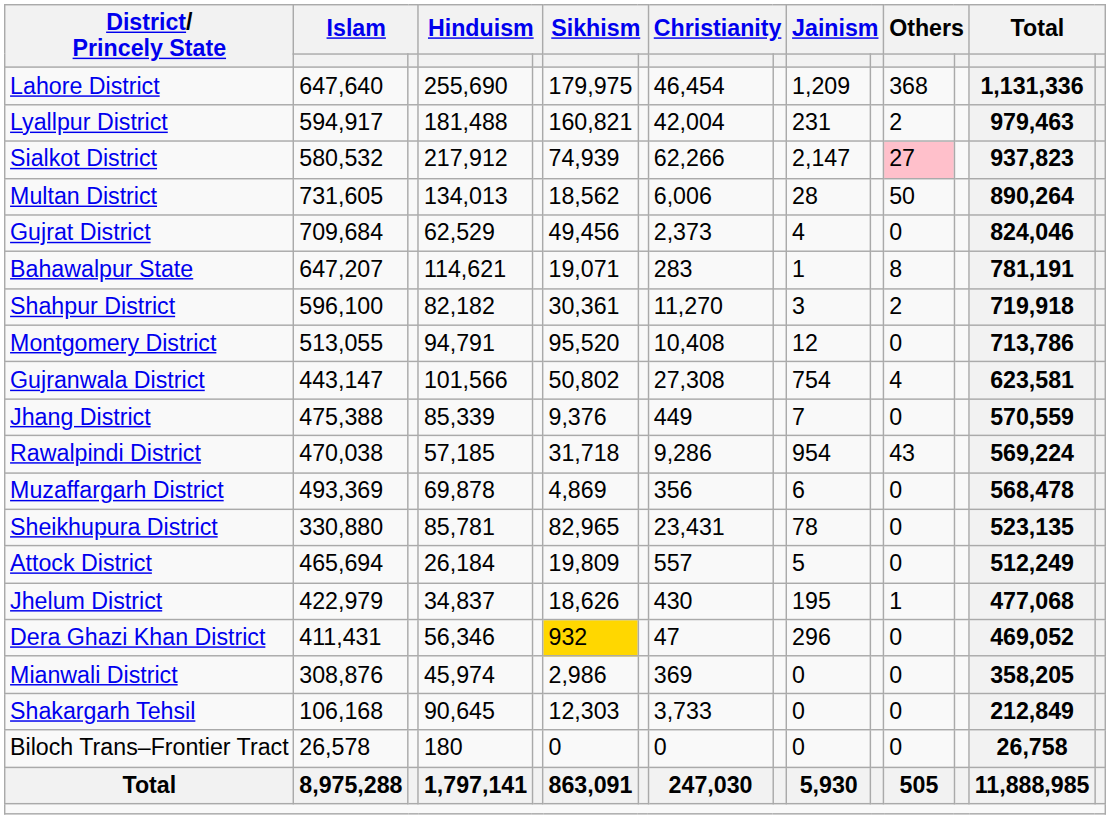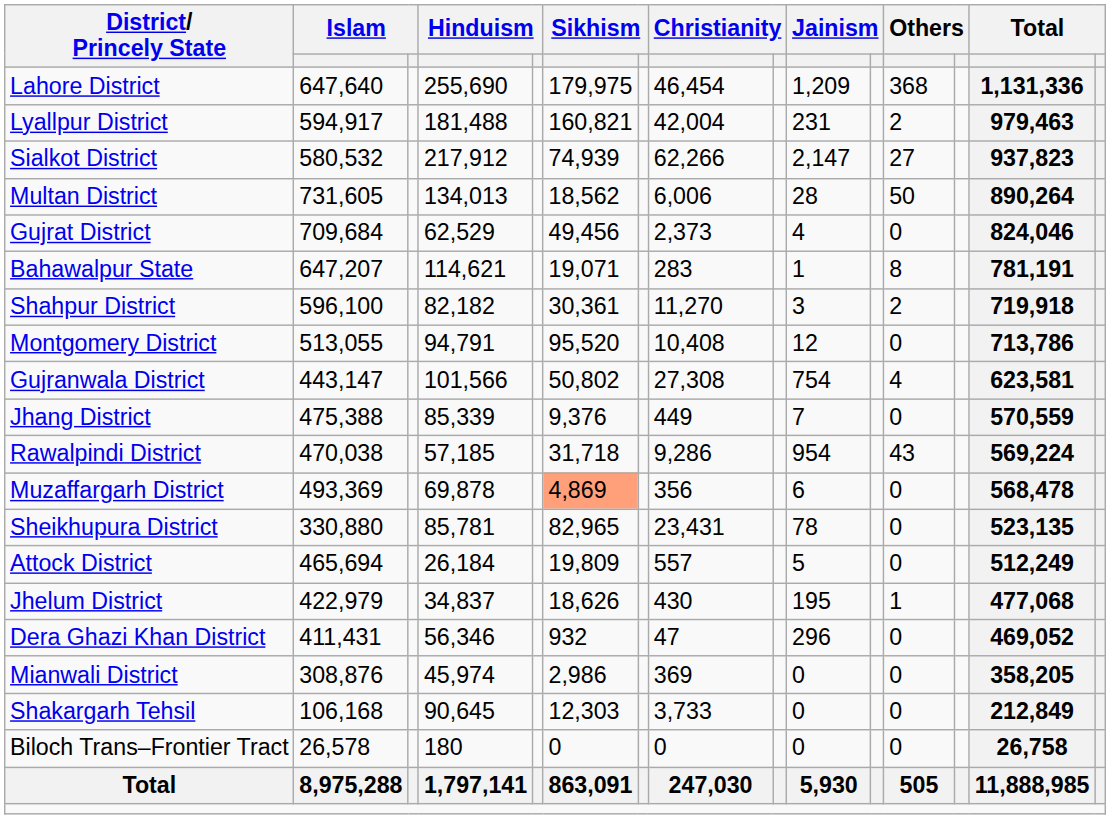 <table class="wikitable sortable">
 <tr>
 <th rowspan="2"><a href='#'>District</a>/<br><a href='#'>Princely State</a></th>
 <th colspan="2"><a href='#'>Islam</a> </th>
 <th colspan="2"><a href='#'>Hinduism</a> </th>
 <th colspan="2"><a href='#'>Sikhism</a> </th>
 <th colspan="2"><a href='#'>Christianity</a> </th>
 <th colspan="2"><a href='#'>Jainism</a> </th>
 <th colspan="2">Others</th>
 <th colspan="2">Total</th>
 </tr>
 <tr>
 <th><a href='#'></a></th>
 <th></th>
 <th></th>
 <th></th>
 <th></th>
 <th></th>
 <th></th>
 <th></th>
 <th></th>
 <th></th>
 <th></th>
 <th></th>
 <th></th>
 <th></th>
 </tr>
 <tr>
 <td><a href='#'>Lahore District</a></td>
 <td>647,640</td>
 <td></td>
 <td>255,690</td>
 <td></td>
 <td>179,975</td>
 <td></td>
 <td>46,454</td>
 <td></td>
 <td>1,209</td>
 <td></td>
 <td>368</td>
 <td></td>
 <th>1,131,336</th>
 <th></th>
 </tr>
 <tr>
 <td><a href='#'>Lyallpur District</a></td>
 <td>594,917</td>
 <td></td>
 <td>181,488</td>
 <td></td>
 <td>160,821</td>
 <td></td>
 <td>42,004</td>
 <td></td>
 <td>231</td>
 <td></td>
 <td>2</td>
 <td></td>
 <th>979,463</th>
 <th></th>
 </tr>
 <tr>
 <td><a href='#'>Sialkot District</a></td>
 <td>580,532</td>
 <td></td>
 <td>217,912</td>
 <td></td>
 <td>74,939</td>
 <td></td>
 <td>62,266</td>
 <td></td>
 <td>2,147</td>
 <td></td>
-<td style="background: pink;">27</td>
+<td>27</td>
 <td></td>
 <th>937,823</th>
 <th></th>
 </tr>
 <tr>
 <td><a href='#'>Multan District</a></td>
 <td>731,605</td>
 <td></td>
 <td>134,013</td>
 <td></td>
 <td>18,562</td>
 <td></td>
 <td>6,006</td>
 <td></td>
 <td>28</td>
 <td></td>
 <td>50</td>
 <td></td>
 <th>890,264</th>
 <th></th>
 </tr>
 <tr>
 <td><a href='#'>Gujrat District</a></td>
 <td>709,684</td>
 <td></td>
 <td>62,529</td>
 <td></td>
 <td>49,456</td>
 <td></td>
 <td>2,373</td>
 <td></td>
 <td>4</td>
 <td></td>
 <td>0</td>
 <td></td>
 <th>824,046</th>
 <th></th>
 </tr>
 <tr>
 <td><a href='#'>Bahawalpur State</a></td>
 <td>647,207</td>
 <td></td>
 <td>114,621</td>
 <td></td>
 <td>19,071</td>
 <td></td>
 <td>283</td>
 <td></td>
 <td>1</td>
 <td></td>
 <td>8</td>
 <td></td>
 <th>781,191</th>
 <th></th>
 </tr>
 <tr>
 <td><a href='#'>Shahpur District</a></td>
 <td>596,100</td>
 <td></td>
 <td>82,182</td>
 <td></td>
 <td>30,361</td>
 <td></td>
 <td>11,270</td>
 <td></td>
 <td>3</td>
 <td></td>
 <td>2</td>
 <td></td>
 <th>719,918</th>
 <th></th>
 </tr>
 <tr>
 <td><a href='#'>Montgomery District</a></td>
 <td>513,055</td>
 <td></td>
 <td>94,791</td>
 <td></td>
 <td>95,520</td>
 <td></td>
 <td>10,408</td>
 <td></td>
 <td>12</td>
 <td></td>
 <td>0</td>
 <td></td>
 <th>713,786</th>
 <th></th>
 </tr>
 <tr>
 <td><a href='#'>Gujranwala District</a></td>
 <td>443,147</td>
 <td></td>
 <td>101,566</td>
 <td></td>
 <td>50,802</td>
 <td></td>
 <td>27,308</td>
 <td></td>
 <td>754</td>
 <td></td>
 <td>4</td>
 <td></td>
 <th>623,581</th>
 <th></th>
 </tr>
 <tr>
 <td><a href='#'>Jhang District</a></td>
 <td>475,388</td>
 <td></td>
 <td>85,339</td>
 <td></td>
 <td>9,376</td>
 <td></td>
 <td>449</td>
 <td></td>
 <td>7</td>
 <td></td>
 <td>0</td>
 <td></td>
 <th>570,559</th>
 <th></th>
 </tr>
 <tr>
 <td><a href='#'>Rawalpindi District</a></td>
 <td>470,038</td>
 <td></td>
 <td>57,185</td>
 <td></td>
 <td>31,718</td>
 <td></td>
 <td>9,286</td>
 <td></td>
 <td>954</td>
 <td></td>
 <td>43</td>
 <td></td>
 <th>569,224</th>
 <th></th>
 </tr>
 <tr>
 <td><a href='#'>Muzaffargarh District</a></td>
 <td>493,369</td>
 <td></td>
 <td>69,878</td>
 <td></td>
-<td>4,869</td>
+<td style="background: lightsalmon;">4,869</td>
 <td></td>
 <td>356</td>
 <td></td>
 <td>6</td>
 <td></td>
 <td>0</td>
 <td></td>
 <th>568,478</th>
 <th></th>
 </tr>
 <tr>
 <td><a href='#'>Sheikhupura District</a></td>
 <td>330,880</td>
 <td></td>
 <td>85,781</td>
 <td></td>
 <td>82,965</td>
 <td></td>
 <td>23,431</td>
 <td></td>
 <td>78</td>
 <td></td>
 <td>0</td>
 <td></td>
 <th>523,135</th>
 <th></th>
 </tr>
 <tr>
 <td><a href='#'>Attock District</a></td>
 <td>465,694</td>
 <td></td>
 <td>26,184</td>
 <td></td>
 <td>19,809</td>
 <td></td>
 <td>557</td>
 <td></td>
 <td>5</td>
 <td></td>
 <td>0</td>
 <td></td>
 <th>512,249</th>
 <th></th>
 </tr>
 <tr>
 <td><a href='#'>Jhelum District</a></td>
 <td>422,979</td>
 <td></td>
 <td>34,837</td>
 <td></td>
 <td>18,626</td>
 <td></td>
 <td>430</td>
 <td></td>
 <td>195</td>
 <td></td>
 <td>1</td>
 <td></td>
 <th>477,068</th>
 <th></th>
 </tr>
 <tr>
 <td><a href='#'>Dera Ghazi Khan District</a></td>
 <td>411,431</td>
 <td></td>
 <td>56,346</td>
 <td></td>
-<td style="background: gold;">932</td>
+<td>932</td>
 <td></td>
 <td>47</td>
 <td></td>
 <td>296</td>
 <td></td>
 <td>0</td>
 <td></td>
 <th>469,052</th>
 <th></th>
 </tr>
 <tr>
 <td><a href='#'>Mianwali District</a></td>
 <td>308,876</td>
 <td></td>
 <td>45,974</td>
 <td></td>
 <td>2,986</td>
 <td></td>
 <td>369</td>
 <td></td>
 <td>0</td>
 <td></td>
 <td>0</td>
 <td></td>
 <th>358,205</th>
 <th></th>
 </tr>
 <tr>
 <td><a href='#'>Shakargarh Tehsil</a></td>
 <td>106,168</td>
 <td></td>
 <td>90,645</td>
 <td></td>
 <td>12,303</td>
 <td></td>
 <td>3,733</td>
 <td></td>
 <td>0</td>
 <td></td>
 <td>0</td>
 <td></td>
 <th>212,849</th>
 <th></th>
 </tr>
 <tr>
 <td>Biloch Trans–Frontier Tract</td>
 <td>26,578</td>
 <td></td>
 <td>180</td>
 <td></td>
 <td>0</td>
 <td></td>
 <td>0</td>
 <td></td>
 <td>0</td>
 <td></td>
 <td>0</td>
 <td></td>
 <th>26,758</th>
 <th></th>
 </tr>
 <tr>
 <th>Total</th>
 <th>8,975,288</th>
 <th></th>
 <th>1,797,141</th>
 <th></th>
 <th>863,091</th>
 <th></th>
 <th>247,030</th>
 <th></th>
 <th>5,930</th>
 <th></th>
 <th>505</th>
 <th></th>
 <th>11,888,985</th>
 <th></th>
 </tr>
 <tr class="sortbottom">
 <td colspan="15"></td>
 </tr>
 </table>
